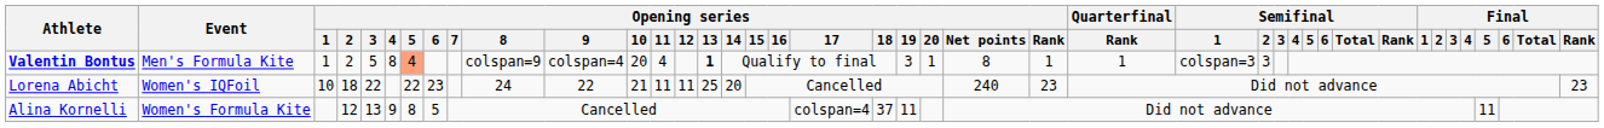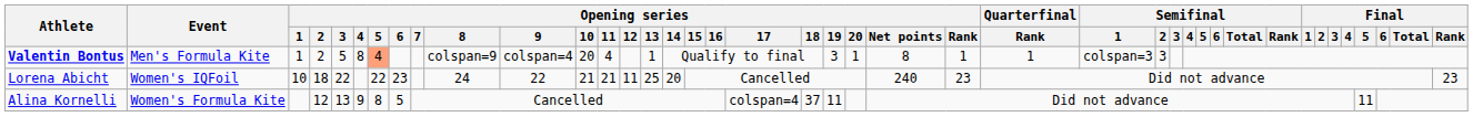 <table class="wikitable" style="font-size:90%">
 <tr>
 <th rowspan=2>Athlete</th>
 <th rowspan=2>Event</th>
 <th colspan=22>Opening series</th>
 <th>Quarterfinal</th>
 <th colspan=8>Semifinal</th>
 <th colspan=8>Final</th>
 </tr>
 <tr style=font-size:95%>
 <th>1</th>
 <th>2</th>
 <th>3</th>
 <th>4</th>
 <th>5</th>
 <th>6</th>
 <th>7</th>
 <th>8</th>
 <th>9</th>
 <th>10</th>
 <th>11</th>
 <th>12</th>
 <th>13</th>
 <th>14</th>
 <th>15</th>
 <th>16</th>
 <th>17</th>
 <th>18</th>
 <th>19</th>
 <th>20</th>
 <th>Net points</th>
 <th>Rank</th>
 <th>Rank</th>
 <th>1</th>
 <th>2</th>
 <th>3</th>
 <th>4</th>
 <th>5</th>
 <th>6</th>
 <th>Total</th>
 <th>Rank</th>
 <th>1</th>
 <th>2</th>
 <th>3</th>
 <th>4</th>
 <th>5</th>
 <th>6</th>
 <th>Total</th>
 <th>Rank</th>
 </tr>
 <tr align=center>
 <td align=left><strong><a href='#'>Valentin Bontus</a></strong></td>
 <td align=left><a href='#'>Men's Formula Kite</a></td>
 <td>1</td>
 <td>2</td>
 <td>5</td>
 <td>8</td>
 <td style="background: lightsalmon;">4</td>
 <td></td>
 <td></td>
 <td>colspan=9 </td>
 <td>colspan=4 </td>
 <td>20</td>
 <td>4</td>
 <td></td>
-<td><strong>1</strong></td>
+<td>1</td>
 <td colspan=5>Qualify to final</td>
 <td>3</td>
 <td>1</td>
 <td>8</td>
 <td>1</td>
 <td>1</td>
 <td>colspan=3 </td>
 <td>3</td>
 <td></td>
 </tr>
 <tr align=center>
 <td align=left><a href='#'>Lorena Abicht</a></td>
 <td align=left><a href='#'>Women's IQFoil</a></td>
 <td>10</td>
 <td>18</td>
 <td>22</td>
 <td></td>
 <td>22</td>
 <td>23</td>
 <td></td>
 <td>24</td>
 <td>22</td>
 <td>21</td>
-<td>11</td>
+<td>21</td>
 <td>11</td>
 <td>25</td>
 <td>20</td>
 <td colspan=6>Cancelled</td>
 <td>240</td>
 <td>23</td>
 <td colspan=16>Did not advance</td>
 <td>23</td>
 </tr>
 <tr align=center>
 <td align=left><a href='#'>Alina Kornelli</a></td>
 <td align=left><a href='#'>Women's Formula Kite</a></td>
 <td></td>
 <td>12</td>
 <td>13</td>
 <td>9</td>
 <td>8</td>
 <td>5</td>
 <td colspan=10>Cancelled</td>
 <td>colspan=4 </td>
 <td>37</td>
 <td>11</td>
 <td></td>
 <td colspan=15>Did not advance</td>
 <td>11</td>
 </tr>
 </table>
